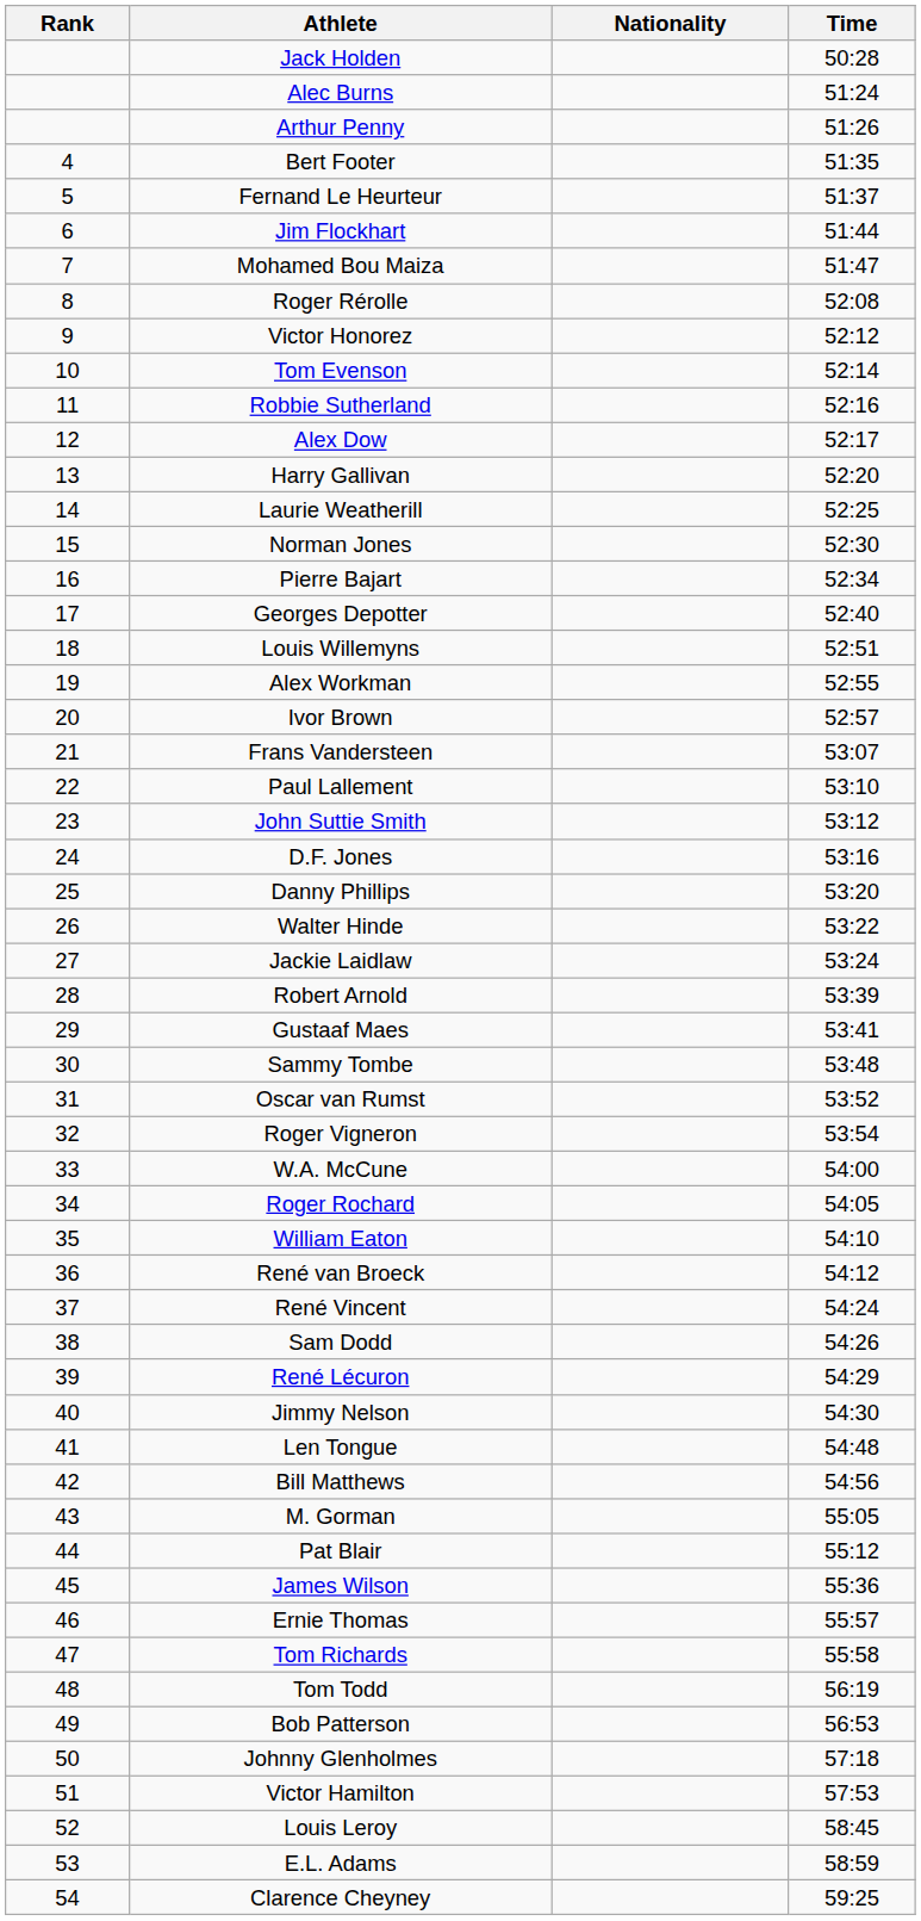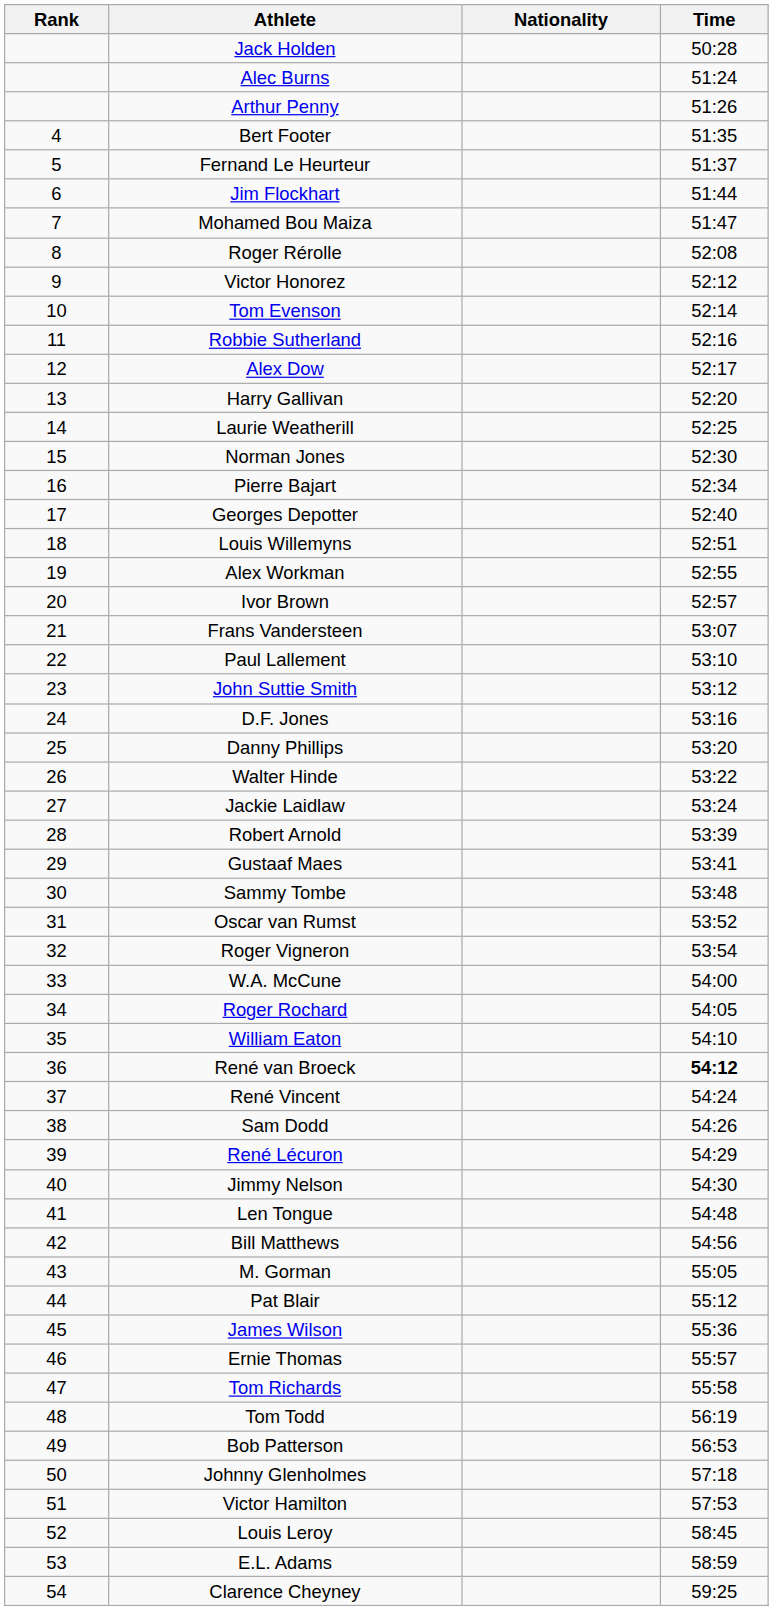 <table class="wikitable sortable" style=" text-align:center; font-size:95%;" width="50%">
 <tr>
 <th>Rank</th>
 <th>Athlete</th>
 <th>Nationality</th>
 <th>Time</th>
 </tr>
 <tr>
 <td align=center></td>
 <td><a href='#'>Jack Holden</a></td>
 <td></td>
 <td>50:28</td>
 </tr>
 <tr>
 <td align=center></td>
 <td><a href='#'>Alec Burns</a></td>
 <td></td>
 <td>51:24</td>
 </tr>
 <tr>
 <td align=center></td>
 <td><a href='#'>Arthur Penny</a></td>
 <td></td>
 <td>51:26</td>
 </tr>
 <tr>
 <td align=center>4</td>
 <td>Bert Footer</td>
 <td></td>
 <td>51:35</td>
 </tr>
 <tr>
 <td align=center>5</td>
 <td>Fernand Le Heurteur</td>
 <td></td>
 <td>51:37</td>
 </tr>
 <tr>
 <td align=center>6</td>
 <td><a href='#'>Jim Flockhart</a></td>
 <td></td>
 <td>51:44</td>
 </tr>
 <tr>
 <td align=center>7</td>
 <td>Mohamed Bou Maiza</td>
 <td></td>
 <td>51:47</td>
 </tr>
 <tr>
 <td align=center>8</td>
 <td>Roger Rérolle</td>
 <td></td>
 <td>52:08</td>
 </tr>
 <tr>
 <td align=center>9</td>
 <td>Victor Honorez</td>
 <td></td>
 <td>52:12</td>
 </tr>
 <tr>
 <td align=center>10</td>
 <td><a href='#'>Tom Evenson</a></td>
 <td></td>
 <td>52:14</td>
 </tr>
 <tr>
 <td align=center>11</td>
 <td><a href='#'>Robbie Sutherland</a></td>
 <td></td>
 <td>52:16</td>
 </tr>
 <tr>
 <td align=center>12</td>
 <td><a href='#'>Alex Dow</a></td>
 <td></td>
 <td>52:17</td>
 </tr>
 <tr>
 <td align=center>13</td>
 <td>Harry Gallivan</td>
 <td></td>
 <td>52:20</td>
 </tr>
 <tr>
 <td align=center>14</td>
 <td>Laurie Weatherill</td>
 <td></td>
 <td>52:25</td>
 </tr>
 <tr>
 <td align=center>15</td>
 <td>Norman Jones</td>
 <td></td>
 <td>52:30</td>
 </tr>
 <tr>
 <td align=center>16</td>
 <td>Pierre Bajart</td>
 <td></td>
 <td>52:34</td>
 </tr>
 <tr>
 <td align=center>17</td>
 <td>Georges Depotter</td>
 <td></td>
 <td>52:40</td>
 </tr>
 <tr>
 <td align=center>18</td>
 <td>Louis Willemyns</td>
 <td></td>
 <td>52:51</td>
 </tr>
 <tr>
 <td align=center>19</td>
 <td>Alex Workman</td>
 <td></td>
 <td>52:55</td>
 </tr>
 <tr>
 <td align=center>20</td>
 <td>Ivor Brown</td>
 <td></td>
 <td>52:57</td>
 </tr>
 <tr>
 <td align=center>21</td>
 <td>Frans Vandersteen</td>
 <td></td>
 <td>53:07</td>
 </tr>
 <tr>
 <td align=center>22</td>
 <td>Paul Lallement</td>
 <td></td>
 <td>53:10</td>
 </tr>
 <tr>
 <td align=center>23</td>
 <td><a href='#'>John Suttie Smith</a></td>
 <td></td>
 <td>53:12</td>
 </tr>
 <tr>
 <td align=center>24</td>
 <td>D.F. Jones</td>
 <td></td>
 <td>53:16</td>
 </tr>
 <tr>
 <td align=center>25</td>
 <td>Danny Phillips</td>
 <td></td>
 <td>53:20</td>
 </tr>
 <tr>
 <td align=center>26</td>
 <td>Walter Hinde</td>
 <td></td>
 <td>53:22</td>
 </tr>
 <tr>
 <td align=center>27</td>
 <td>Jackie Laidlaw</td>
 <td></td>
 <td>53:24</td>
 </tr>
 <tr>
 <td align=center>28</td>
 <td>Robert Arnold</td>
 <td></td>
 <td>53:39</td>
 </tr>
 <tr>
 <td align=center>29</td>
 <td>Gustaaf Maes</td>
 <td></td>
 <td>53:41</td>
 </tr>
 <tr>
 <td align=center>30</td>
 <td>Sammy Tombe</td>
 <td></td>
 <td>53:48</td>
 </tr>
 <tr>
 <td align=center>31</td>
 <td>Oscar van Rumst</td>
 <td></td>
 <td>53:52</td>
 </tr>
 <tr>
 <td align=center>32</td>
 <td>Roger Vigneron</td>
 <td></td>
 <td>53:54</td>
 </tr>
 <tr>
 <td align=center>33</td>
 <td>W.A. McCune</td>
 <td></td>
 <td>54:00</td>
 </tr>
 <tr>
 <td align=center>34</td>
 <td><a href='#'>Roger Rochard</a></td>
 <td></td>
 <td>54:05</td>
 </tr>
 <tr>
 <td align=center>35</td>
 <td><a href='#'>William Eaton</a></td>
 <td></td>
 <td>54:10</td>
 </tr>
 <tr>
 <td align=center>36</td>
 <td>René van Broeck</td>
 <td></td>
-<td>54:12</td>
+<td><strong>54:12</strong></td>
 </tr>
 <tr>
 <td align=center>37</td>
 <td>René Vincent</td>
 <td></td>
 <td>54:24</td>
 </tr>
 <tr>
 <td align=center>38</td>
 <td>Sam Dodd</td>
 <td></td>
 <td>54:26</td>
 </tr>
 <tr>
 <td align=center>39</td>
 <td><a href='#'>René Lécuron</a></td>
 <td></td>
 <td>54:29</td>
 </tr>
 <tr>
 <td align=center>40</td>
 <td>Jimmy Nelson</td>
 <td></td>
 <td>54:30</td>
 </tr>
 <tr>
 <td align=center>41</td>
 <td>Len Tongue</td>
 <td></td>
 <td>54:48</td>
 </tr>
 <tr>
 <td align=center>42</td>
 <td>Bill Matthews</td>
 <td></td>
 <td>54:56</td>
 </tr>
 <tr>
 <td align=center>43</td>
 <td>M. Gorman</td>
 <td></td>
 <td>55:05</td>
 </tr>
 <tr>
 <td align=center>44</td>
 <td>Pat Blair</td>
 <td></td>
 <td>55:12</td>
 </tr>
 <tr>
 <td align=center>45</td>
 <td><a href='#'>James Wilson</a></td>
 <td></td>
 <td>55:36</td>
 </tr>
 <tr>
 <td align=center>46</td>
 <td>Ernie Thomas</td>
 <td></td>
 <td>55:57</td>
 </tr>
 <tr>
 <td align=center>47</td>
 <td><a href='#'>Tom Richards</a></td>
 <td></td>
 <td>55:58</td>
 </tr>
 <tr>
 <td align=center>48</td>
 <td>Tom Todd</td>
 <td></td>
 <td>56:19</td>
 </tr>
 <tr>
 <td align=center>49</td>
 <td>Bob Patterson</td>
 <td></td>
 <td>56:53</td>
 </tr>
 <tr>
 <td align=center>50</td>
 <td>Johnny Glenholmes</td>
 <td></td>
 <td>57:18</td>
 </tr>
 <tr>
 <td align=center>51</td>
 <td>Victor Hamilton</td>
 <td></td>
 <td>57:53</td>
 </tr>
 <tr>
 <td align=center>52</td>
 <td>Louis Leroy</td>
 <td></td>
 <td>58:45</td>
 </tr>
 <tr>
 <td align=center>53</td>
 <td>E.L. Adams</td>
 <td></td>
 <td>58:59</td>
 </tr>
 <tr>
 <td align=center>54</td>
 <td>Clarence Cheyney</td>
 <td></td>
 <td>59:25</td>
 </tr>
 </table>
